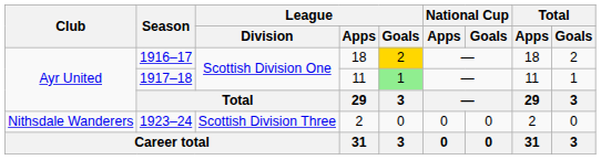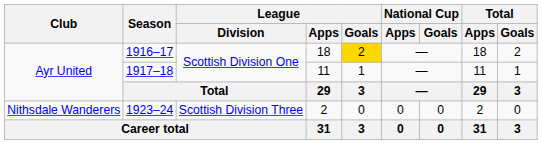 <table class="wikitable" style="text-align: center">
 <tr>
 <th rowspan="2">Club</th>
 <th rowspan="2">Season</th>
 <th colspan="3">League</th>
 <th colspan="2">National Cup</th>
 <th colspan="2">Total</th>
 </tr>
 <tr>
 <th>Division</th>
 <th>Apps</th>
 <th>Goals</th>
 <th>Apps</th>
 <th>Goals</th>
 <th>Apps</th>
 <th>Goals</th>
 </tr>
 <tr>
 <td rowspan="3"><a href='#'>Ayr United</a></td>
 <td><a href='#'>1916–17</a></td>
 <td rowspan="2"><a href='#'>Scottish Division One</a></td>
 <td>18</td>
 <td style="background: gold;">2</td>
 <td colspan="2">—</td>
 <td>18</td>
 <td>2</td>
 </tr>
 <tr>
 <td><a href='#'>1917–18</a></td>
 <td>11</td>
-<td style="background: lightgreen;">1</td>
+<td>1</td>
 <td colspan="2">—</td>
 <td>11</td>
 <td>1</td>
 </tr>
 <tr>
 <th colspan="2">Total</th>
 <th>29</th>
 <th>3</th>
 <th colspan="2">—</th>
 <th>29</th>
 <th>3</th>
 </tr>
 <tr>
 <td><a href='#'>Nithsdale Wanderers</a></td>
 <td><a href='#'>1923–24</a></td>
 <td><a href='#'>Scottish Division Three</a></td>
 <td>2</td>
 <td>0</td>
 <td>0</td>
 <td>0</td>
 <td>2</td>
 <td>0</td>
 </tr>
 <tr>
 <th colspan="3">Career total</th>
 <th>31</th>
 <th>3</th>
 <th>0</th>
 <th>0</th>
 <th>31</th>
 <th>3</th>
 </tr>
 </table>
